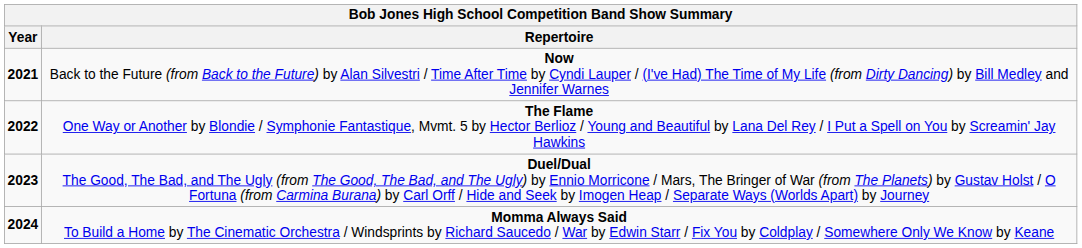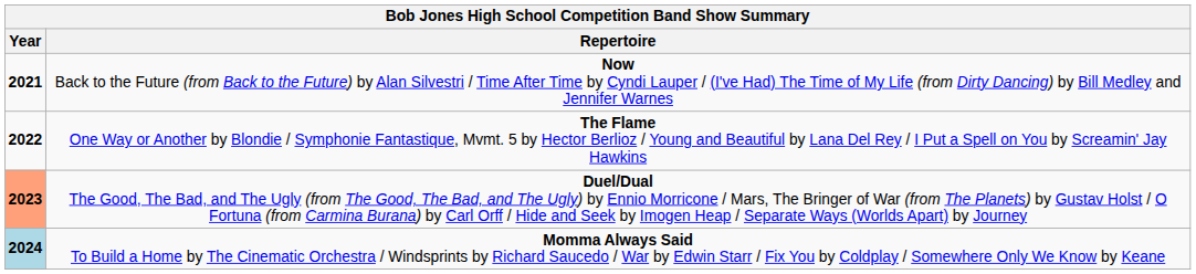 <table class="wikitable" style="text-align: center">
 <tr>
 <th colspan="2">Bob Jones High School Competition Band Show Summary</th>
 </tr>
 <tr>
 <th><strong>Year</strong></th>
 <th>Repertoire</th>
 </tr>
 <tr>
 <td><strong>2021</strong></td>
 <td><strong>Now</strong><br>Back to the Future <em>(from <a href='#'>Back to the Future</a>)</em> by <a href='#'>Alan Silvestri</a> / <a href='#'>Time After Time</a> by <a href='#'>Cyndi Lauper</a> / <a href='#'>(I've Had) The Time of My Life</a> <em>(from <a href='#'>Dirty Dancing</a>)</em> by <a href='#'>Bill Medley</a> and <a href='#'>Jennifer Warnes</a></td>
 </tr>
 <tr>
 <td><strong>2022</strong></td>
 <td><strong>The Flame</strong><br><a href='#'>One Way or Another</a> by <a href='#'>Blondie</a> / <a href='#'>Symphonie Fantastique</a>, Mvmt. 5 by <a href='#'>Hector Berlioz</a> / <a href='#'>Young and Beautiful</a> by <a href='#'>Lana Del Rey</a> / <a href='#'>I Put a Spell on You</a> by <a href='#'>Screamin' Jay Hawkins</a></td>
 </tr>
 <tr>
-<td><strong>2023</strong></td>
+<td style="background: lightsalmon;"><strong>2023</strong></td>
 <td><strong>Duel/Dual</strong><br><a href='#'>The Good, The Bad, and The Ugly</a> <em>(from <a href='#'>The Good, The Bad, and The Ugly</a>)</em> by <a href='#'>Ennio Morricone</a> / Mars, The Bringer of War <em>(from <a href='#'>The Planets</a>)</em> by <a href='#'>Gustav Holst</a> / <a href='#'>O Fortuna</a> <em>(from <a href='#'>Carmina Burana</a>)</em> by <a href='#'>Carl Orff</a> / <a href='#'>Hide and Seek</a> by <a href='#'>Imogen Heap</a> / <a href='#'>Separate Ways (Worlds Apart)</a> by <a href='#'>Journey</a></td>
 </tr>
 <tr>
-<td><strong>2024</strong></td>
+<td style="background: lightblue;"><strong>2024</strong></td>
 <td><strong>Momma Always Said</strong><br><a href='#'>To Build a Home</a> by <a href='#'>The Cinematic Orchestra</a> / Windsprints by <a href='#'>Richard Saucedo</a> / <a href='#'>War</a> by <a href='#'>Edwin Starr</a> / <a href='#'>Fix You</a> by <a href='#'>Coldplay</a> / <a href='#'>Somewhere Only We Know</a> by <a href='#'>Keane</a></td>
 </tr>
 </table>
